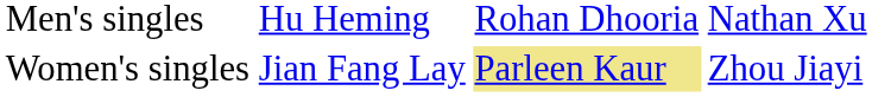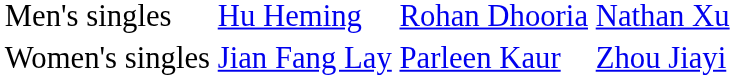 <table>
 <tr>
 <td>Men's singles <br></td>
 <td> <a href='#'>Hu Heming</a></td>
 <td> <a href='#'>Rohan Dhooria</a></td>
 <td> <a href='#'>Nathan Xu</a></td>
 </tr>
 <tr>
 <td>Women's singles <br></td>
 <td> <a href='#'>Jian Fang Lay</a></td>
-<td style="background: khaki;"> <a href='#'>Parleen Kaur</a></td>
+<td> <a href='#'>Parleen Kaur</a></td>
 <td> <a href='#'>Zhou Jiayi</a></td>
 </tr>
 <tr>
 </tr>
 </table>
